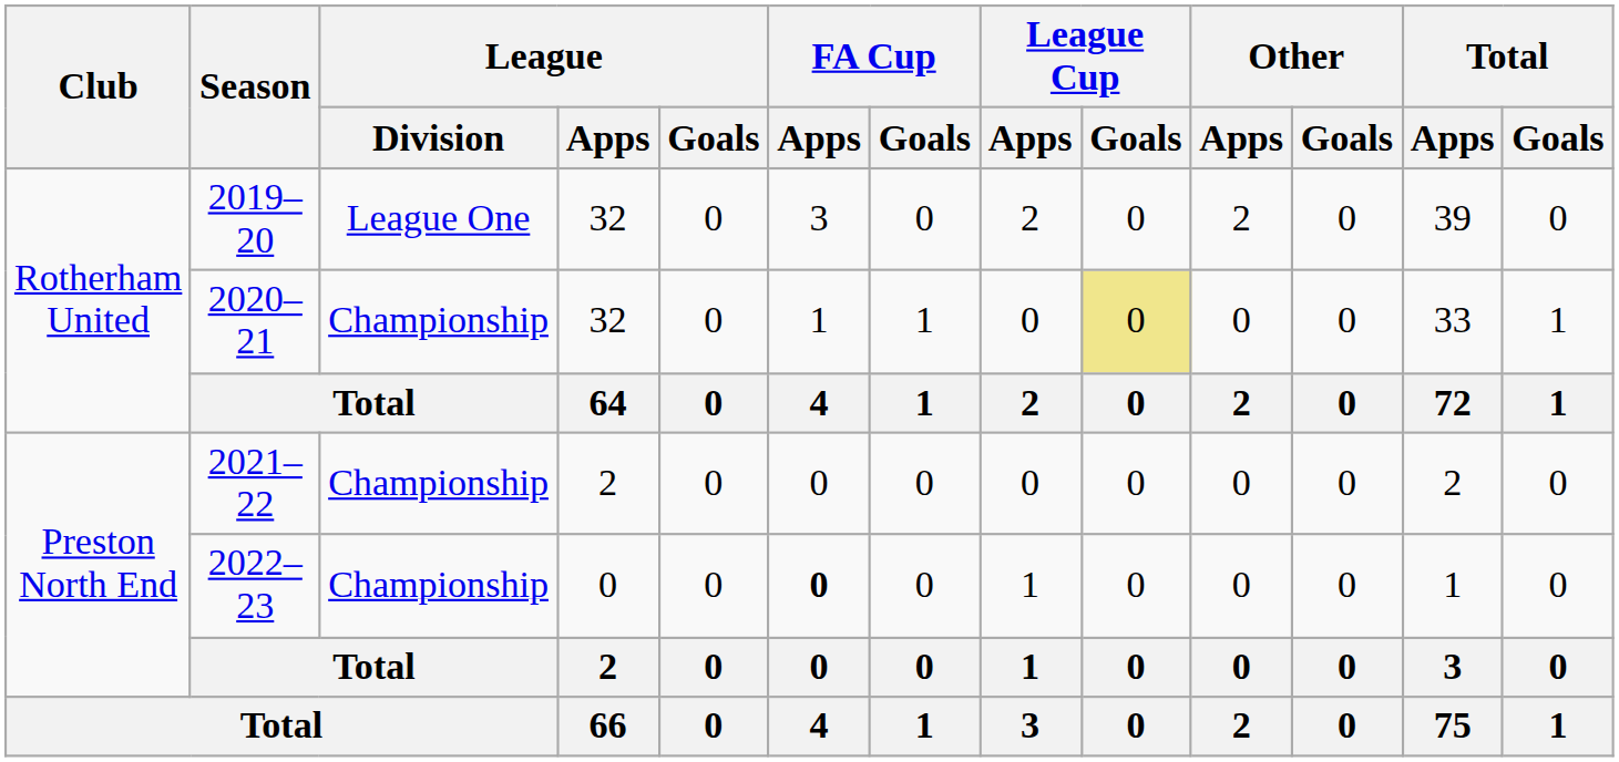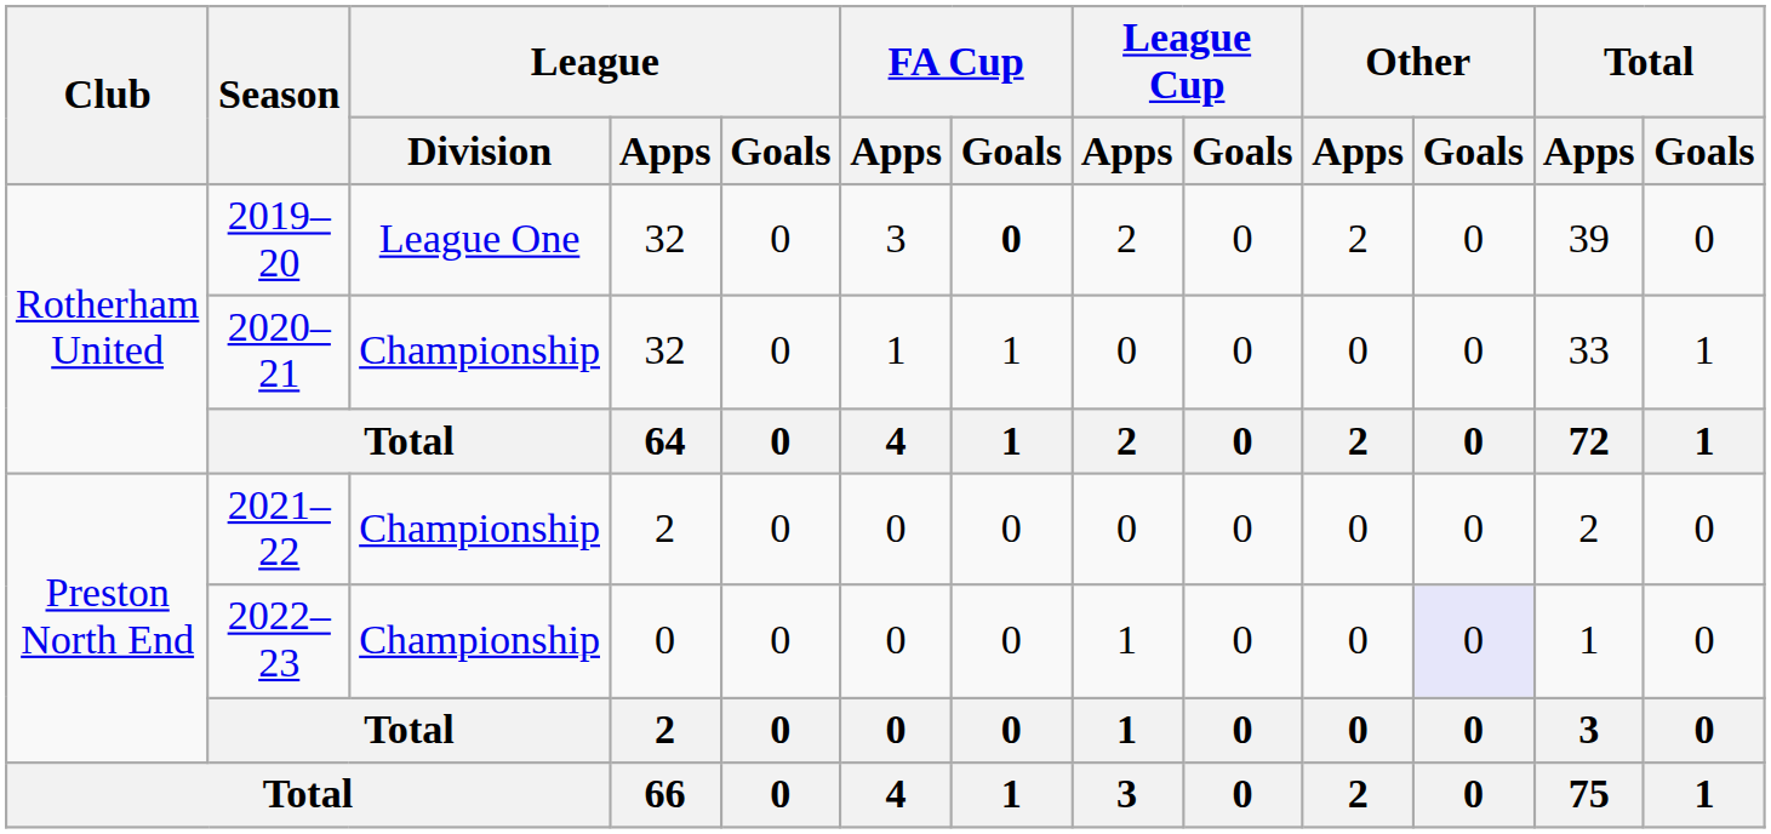 <table class="wikitable" style="text-align: center">
 <tr>
 <th rowspan="2">Club</th>
 <th rowspan="2">Season</th>
 <th colspan="3">League</th>
 <th colspan="2"><a href='#'>FA Cup</a></th>
 <th colspan="2"><a href='#'>League Cup</a></th>
 <th colspan="2">Other</th>
 <th colspan="2">Total</th>
 </tr>
 <tr>
 <th>Division</th>
 <th>Apps</th>
 <th>Goals</th>
 <th>Apps</th>
 <th>Goals</th>
 <th>Apps</th>
 <th>Goals</th>
 <th>Apps</th>
 <th>Goals</th>
 <th>Apps</th>
 <th>Goals</th>
 </tr>
 <tr>
 <td rowspan=3><a href='#'>Rotherham United</a></td>
 <td><a href='#'>2019–20</a></td>
 <td><a href='#'>League One</a></td>
 <td>32</td>
 <td>0</td>
 <td>3</td>
-<td>0</td>
+<td><strong>0</strong></td>
 <td>2</td>
 <td>0</td>
 <td>2</td>
 <td>0</td>
 <td>39</td>
 <td>0</td>
 </tr>
 <tr>
 <td><a href='#'>2020–21</a></td>
 <td><a href='#'>Championship</a></td>
 <td>32</td>
 <td>0</td>
 <td>1</td>
 <td>1</td>
 <td>0</td>
-<td style="background: khaki;">0</td>
+<td>0</td>
 <td>0</td>
 <td>0</td>
 <td>33</td>
 <td>1</td>
 </tr>
 <tr>
 <th colspan="2">Total</th>
 <th>64</th>
 <th>0</th>
 <th>4</th>
 <th>1</th>
 <th>2</th>
 <th>0</th>
 <th>2</th>
 <th>0</th>
 <th>72</th>
 <th>1</th>
 </tr>
 <tr>
 <td rowspan=3><a href='#'>Preston North End</a></td>
 <td><a href='#'>2021–22</a></td>
 <td><a href='#'>Championship</a></td>
 <td>2</td>
 <td>0</td>
 <td>0</td>
 <td>0</td>
 <td>0</td>
 <td>0</td>
 <td>0</td>
 <td>0</td>
 <td>2</td>
 <td>0</td>
 </tr>
 <tr>
 <td><a href='#'>2022–23</a></td>
 <td><a href='#'>Championship</a></td>
 <td>0</td>
 <td>0</td>
-<td><strong>0</strong></td>
+<td>0</td>
 <td>0</td>
 <td>1</td>
 <td>0</td>
 <td>0</td>
-<td>0</td>
+<td style="background: lavender;">0</td>
 <td>1</td>
 <td>0</td>
 </tr>
 <tr>
 <th colspan=2>Total</th>
 <th>2</th>
 <th>0</th>
 <th>0</th>
 <th>0</th>
 <th>1</th>
 <th>0</th>
 <th>0</th>
 <th>0</th>
 <th>3</th>
 <th>0</th>
 </tr>
 <tr>
 <th colspan="3">Total</th>
 <th>66</th>
 <th>0</th>
 <th>4</th>
 <th>1</th>
 <th>3</th>
 <th>0</th>
 <th>2</th>
 <th>0</th>
 <th>75</th>
 <th>1</th>
 </tr>
 </table>
